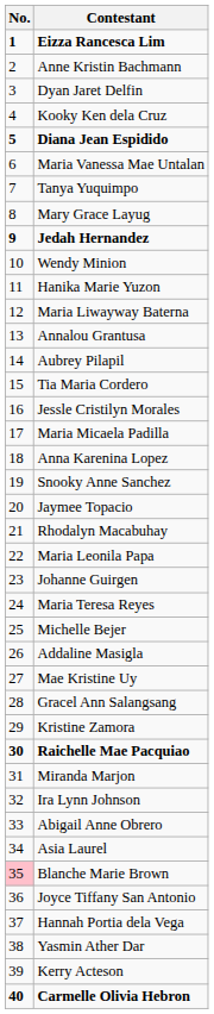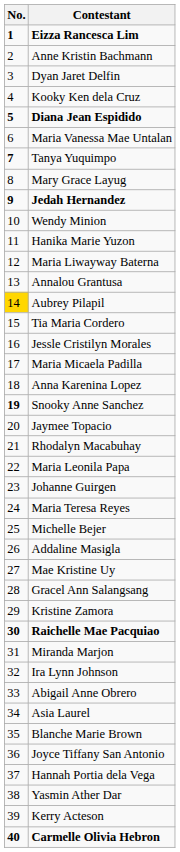 <table class="wikitable sortable" style="font-size: 95%;">
 <tr>
 <th>No.</th>
 <th>Contestant</th>
 </tr>
 <tr>
 <td><strong>1</strong></td>
 <td><strong>Eizza Rancesca Lim</strong></td>
 </tr>
 <tr>
 <td>2</td>
 <td>Anne Kristin Bachmann</td>
 </tr>
 <tr>
 <td>3</td>
 <td>Dyan Jaret Delfin</td>
 </tr>
 <tr>
 <td>4</td>
 <td>Kooky Ken dela Cruz</td>
 </tr>
 <tr>
 <td><strong>5</strong></td>
 <td><strong>Diana Jean Espidido</strong></td>
 </tr>
 <tr>
 <td>6</td>
 <td>Maria Vanessa Mae Untalan</td>
 </tr>
 <tr>
-<td>7</td>
+<td><strong>7</strong></td>
 <td>Tanya Yuquimpo</td>
 </tr>
 <tr>
 <td>8</td>
 <td>Mary Grace Layug</td>
 </tr>
 <tr>
 <td><strong>9</strong></td>
 <td><strong>Jedah Hernandez</strong></td>
 </tr>
 <tr>
 <td>10</td>
 <td>Wendy Minion</td>
 </tr>
 <tr>
 <td>11</td>
 <td>Hanika Marie Yuzon</td>
 </tr>
 <tr>
 <td>12</td>
 <td>Maria Liwayway Baterna</td>
 </tr>
 <tr>
 <td>13</td>
 <td>Annalou Grantusa</td>
 </tr>
 <tr>
-<td>14</td>
+<td style="background: gold;">14</td>
 <td>Aubrey Pilapil</td>
 </tr>
 <tr>
 <td>15</td>
 <td>Tia Maria Cordero</td>
 </tr>
 <tr>
 <td>16</td>
 <td>Jessle Cristilyn Morales</td>
 </tr>
 <tr>
 <td>17</td>
 <td>Maria Micaela Padilla</td>
 </tr>
 <tr>
 <td>18</td>
 <td>Anna Karenina Lopez</td>
 </tr>
 <tr>
-<td>19</td>
+<td><strong>19</strong></td>
 <td>Snooky Anne Sanchez</td>
 </tr>
 <tr>
 <td>20</td>
 <td>Jaymee Topacio</td>
 </tr>
 <tr>
 <td>21</td>
 <td>Rhodalyn Macabuhay</td>
 </tr>
 <tr>
 <td>22</td>
 <td>Maria Leonila Papa</td>
 </tr>
 <tr>
 <td>23</td>
 <td>Johanne Guirgen</td>
 </tr>
 <tr>
 <td>24</td>
 <td>Maria Teresa Reyes</td>
 </tr>
 <tr>
 <td>25</td>
 <td>Michelle Bejer</td>
 </tr>
 <tr>
 <td>26</td>
 <td>Addaline Masigla</td>
 </tr>
 <tr>
 <td>27</td>
 <td>Mae Kristine Uy</td>
 </tr>
 <tr>
 <td>28</td>
 <td>Gracel Ann Salangsang</td>
 </tr>
 <tr>
 <td>29</td>
 <td>Kristine Zamora</td>
 </tr>
 <tr>
 <td><strong>30</strong></td>
 <td><strong>Raichelle Mae Pacquiao</strong></td>
 </tr>
 <tr>
 <td>31</td>
 <td>Miranda Marjon</td>
 </tr>
 <tr>
 <td>32</td>
 <td>Ira Lynn Johnson</td>
 </tr>
 <tr>
 <td>33</td>
 <td>Abigail Anne Obrero</td>
 </tr>
 <tr>
 <td>34</td>
 <td>Asia Laurel</td>
 </tr>
 <tr>
-<td style="background: pink;">35</td>
+<td>35</td>
 <td>Blanche Marie Brown</td>
 </tr>
 <tr>
 <td>36</td>
 <td>Joyce Tiffany San Antonio</td>
 </tr>
 <tr>
 <td>37</td>
 <td>Hannah Portia dela Vega</td>
 </tr>
 <tr>
 <td>38</td>
 <td>Yasmin Ather Dar</td>
 </tr>
 <tr>
 <td>39</td>
 <td>Kerry Acteson</td>
 </tr>
 <tr>
 <td><strong>40</strong></td>
 <td><strong>Carmelle Olivia Hebron</strong></td>
 </tr>
 </table>
